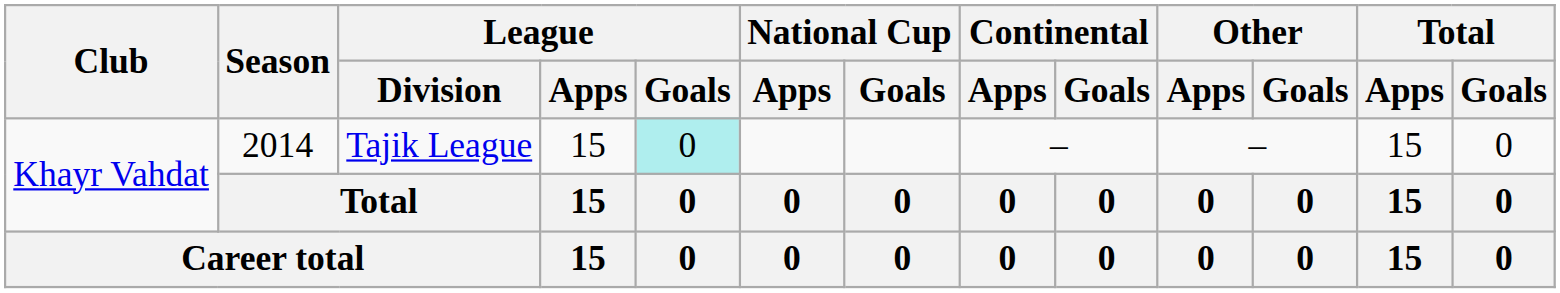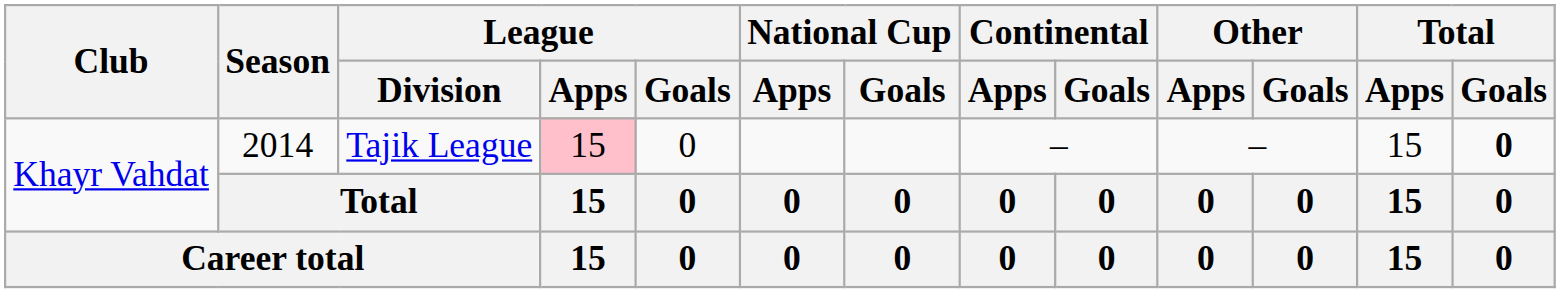 <table class="wikitable" style="text-align: center;">
 <tr>
 <th rowspan="2">Club</th>
 <th rowspan="2">Season</th>
 <th colspan="3">League</th>
 <th colspan="2">National Cup</th>
 <th colspan="2">Continental</th>
 <th colspan="2">Other</th>
 <th colspan="2">Total</th>
 </tr>
 <tr>
 <th>Division</th>
 <th>Apps</th>
 <th>Goals</th>
 <th>Apps</th>
 <th>Goals</th>
 <th>Apps</th>
 <th>Goals</th>
 <th>Apps</th>
 <th>Goals</th>
 <th>Apps</th>
 <th>Goals</th>
 </tr>
 <tr>
 <td rowspan="2" valign="center"><a href='#'>Khayr Vahdat</a></td>
 <td>2014</td>
 <td rowspan="1" valign="center"><a href='#'>Tajik League</a></td>
-<td>15</td>
-<td style="background: paleturquoise;">0</td>
+<td style="background: pink;">15</td>
+<td>0</td>
 <td></td>
 <td></td>
 <td colspan="2">–</td>
 <td colspan="2">–</td>
 <td>15</td>
-<td>0</td>
+<td><strong>0</strong></td>
 </tr>
 <tr>
 <th colspan="2">Total</th>
 <th>15</th>
 <th>0</th>
 <th>0</th>
 <th>0</th>
 <th>0</th>
 <th>0</th>
 <th>0</th>
 <th>0</th>
 <th>15</th>
 <th>0</th>
 </tr>
 <tr>
 <th colspan="3">Career total</th>
 <th>15</th>
 <th>0</th>
 <th>0</th>
 <th>0</th>
 <th>0</th>
 <th>0</th>
 <th>0</th>
 <th>0</th>
 <th>15</th>
 <th>0</th>
 </tr>
 </table>
